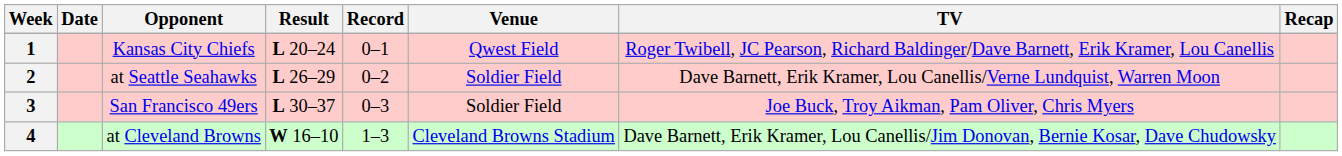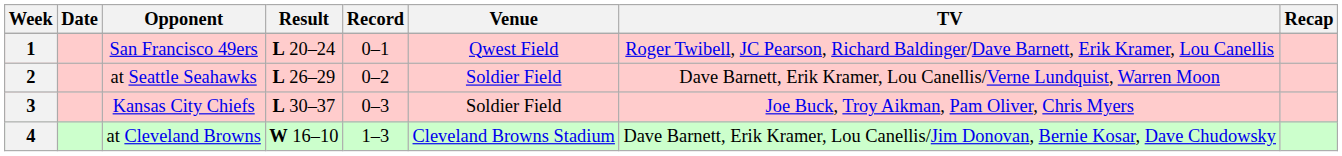 <table class="wikitable" style="text-align:center">
 <tr>
 <th>Week</th>
 <th>Date</th>
 <th>Opponent</th>
 <th>Result</th>
 <th>Record</th>
 <th>Venue</th>
 <th>TV</th>
 <th>Recap</th>
 </tr>
 <tr>
 </tr>
 <tr style="background:#fcc">
 <th>1</th>
 <td></td>
-<td><a href='#'>Kansas City Chiefs</a></td>
+<td><a href='#'>San Francisco 49ers</a></td>
 <td><strong>L</strong> 20–24</td>
 <td>0–1</td>
 <td><a href='#'>Qwest Field</a></td>
 <td><a href='#'>Roger Twibell</a>, <a href='#'>JC Pearson</a>, <a href='#'>Richard Baldinger</a>/<a href='#'>Dave Barnett</a>, <a href='#'>Erik Kramer</a>, <a href='#'>Lou Canellis</a></td>
 <td></td>
 </tr>
 <tr style="background:#fcc">
 <th>2</th>
 <td></td>
 <td>at <a href='#'>Seattle Seahawks</a></td>
 <td><strong>L</strong> 26–29</td>
 <td>0–2</td>
 <td><a href='#'>Soldier Field</a></td>
 <td>Dave Barnett, Erik Kramer, Lou Canellis/<a href='#'>Verne Lundquist</a>, <a href='#'>Warren Moon</a></td>
 <td></td>
 </tr>
 <tr style="background:#fcc">
 <th>3</th>
 <td></td>
-<td><a href='#'>San Francisco 49ers</a></td>
+<td><a href='#'>Kansas City Chiefs</a></td>
 <td><strong>L</strong> 30–37</td>
 <td>0–3</td>
 <td>Soldier Field</td>
 <td><a href='#'>Joe Buck</a>, <a href='#'>Troy Aikman</a>, <a href='#'>Pam Oliver</a>, <a href='#'>Chris Myers</a></td>
 <td></td>
 </tr>
 <tr style="background:#cfc">
 <th>4</th>
 <td></td>
 <td>at <a href='#'>Cleveland Browns</a></td>
 <td><strong>W</strong> 16–10</td>
 <td>1–3</td>
 <td><a href='#'>Cleveland Browns Stadium</a></td>
 <td>Dave Barnett, Erik Kramer, Lou Canellis/<a href='#'>Jim Donovan</a>, <a href='#'>Bernie Kosar</a>, <a href='#'>Dave Chudowsky</a></td>
 <td></td>
 </tr>
 </table>
